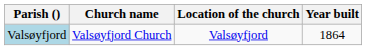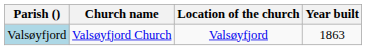 <table class="wikitable" style="text-align:center">
 <tr>
 <th>Parish ()</th>
 <th>Church name</th>
 <th>Location of the church</th>
 <th>Year built</th>
 </tr>
 <tr>
 <td rowspan="1" style="background: lightblue;">Valsøyfjord</td>
 <td><a href='#'>Valsøyfjord Church</a></td>
 <td><a href='#'>Valsøyfjord</a></td>
-<td>1864</td>
+<td>1863</td>
 </tr>
 </table>
